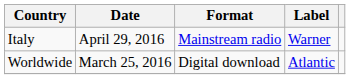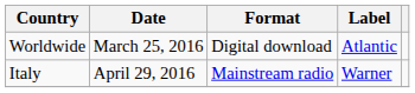 <table class="wikitable">
 <tr>
 <th>Country</th>
 <th>Date</th>
 <th>Format</th>
 <th>Label</th>
 <th></th>
 </tr>
 <tr>
+<td>Worldwide</td>
+<td>March 25, 2016</td>
+<td>Digital download</td>
+<td><a href='#'>Atlantic</a></td>
+<td></td>
+</tr>
+<tr>
 <td>Italy</td>
 <td>April 29, 2016</td>
 <td><a href='#'>Mainstream radio</a></td>
 <td><a href='#'>Warner</a></td>
 <td></td>
 </tr>
 <tr>
-<td>Worldwide</td>
-<td>March 25, 2016</td>
-<td>Digital download</td>
-<td><a href='#'>Atlantic</a></td>
-<td></td>
-</tr>
-<tr>
 </tr>
 </table>
